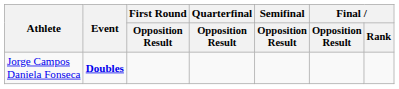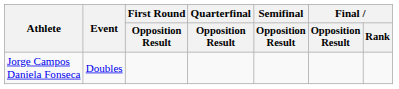 <table class=wikitable style=font-size:90%;text-align:center>
 <tr>
 <th rowspan=2>Athlete</th>
 <th rowspan=2>Event</th>
 <th>First Round</th>
 <th>Quarterfinal</th>
 <th>Semifinal</th>
 <th colspan=2>Final / </th>
 </tr>
 <tr style=font-size:95%>
 <th>Opposition<br>Result</th>
 <th>Opposition<br>Result</th>
 <th>Opposition<br>Result</th>
 <th>Opposition<br>Result</th>
 <th>Rank</th>
 </tr>
 <tr>
 <td align=left><a href='#'>Jorge Campos</a><br><a href='#'>Daniela Fonseca</a></td>
-<td align=left><strong><a href='#'>Doubles</a></strong></td>
+<td align=left><a href='#'>Doubles</a></td>
 <td></td>
 <td></td>
 <td></td>
 <td></td>
 <td></td>
 </tr>
 </table>
